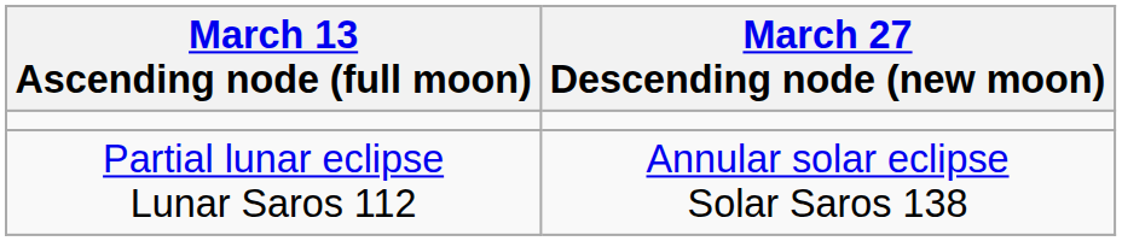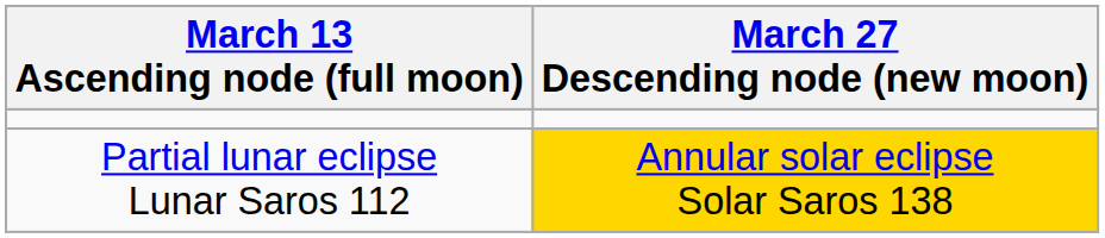 <table class="wikitable">
 <tr>
 <th><a href='#'>March 13</a><br>Ascending node (full moon)</th>
 <th><a href='#'>March 27</a><br>Descending node (new moon)</th>
 </tr>
 <tr>
 <td></td>
 <td></td>
 </tr>
 <tr align=center>
 <td><a href='#'>Partial lunar eclipse</a><br>Lunar Saros 112</td>
-<td><a href='#'>Annular solar eclipse</a><br>Solar Saros 138</td>
+<td style="background: gold;"><a href='#'>Annular solar eclipse</a><br>Solar Saros 138</td>
 </tr>
 </table>
